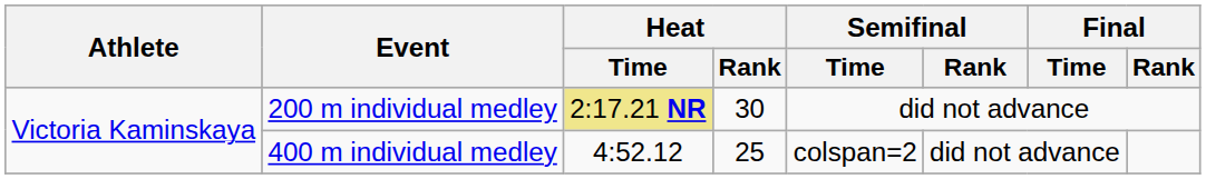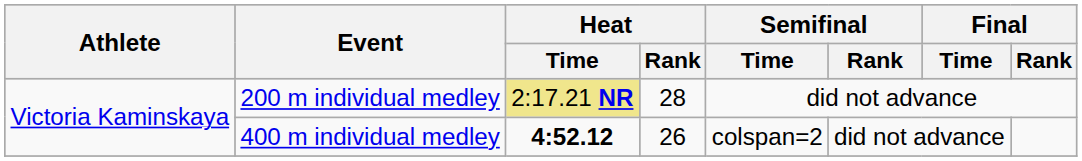 <table class=wikitable style="font-size:90%">
 <tr>
 <th rowspan="2">Athlete</th>
 <th rowspan="2">Event</th>
 <th colspan="2">Heat</th>
 <th colspan="2">Semifinal</th>
 <th colspan="2">Final</th>
 </tr>
 <tr style="font-size:95%">
 <th>Time</th>
 <th>Rank</th>
 <th>Time</th>
 <th>Rank</th>
 <th>Time</th>
 <th>Rank</th>
 </tr>
 <tr align=center>
 <td align=left rowspan=2><a href='#'>Victoria Kaminskaya</a></td>
 <td align=left><a href='#'>200 m individual medley</a></td>
 <td style="background: khaki;">2:17.21 <strong><a href='#'>NR</a></strong></td>
-<td>30</td>
+<td>28</td>
 <td colspan=4>did not advance</td>
 </tr>
 <tr align=center>
 <td align=left><a href='#'>400 m individual medley</a></td>
-<td>4:52.12</td>
-<td>25</td>
+<td><strong>4:52.12</strong></td>
+<td>26</td>
 <td>colspan=2 </td>
 <td colspan=2>did not advance</td>
 </tr>
 </table>
